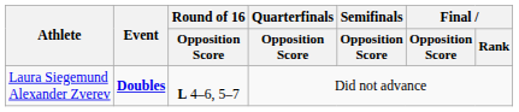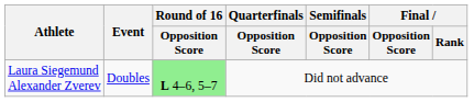 <table class=wikitable style="font-size:90%">
 <tr>
 <th rowspan="2">Athlete</th>
 <th rowspan="2">Event</th>
 <th>Round of 16</th>
 <th>Quarterfinals</th>
 <th>Semifinals</th>
 <th colspan=2>Final / </th>
 </tr>
 <tr style="font-size:95%">
 <th>Opposition<br>Score</th>
 <th>Opposition<br>Score</th>
 <th>Opposition<br>Score</th>
 <th>Opposition<br>Score</th>
 <th>Rank</th>
 </tr>
 <tr align=center>
 <td align=left><a href='#'>Laura Siegemund</a><br><a href='#'>Alexander Zverev</a></td>
-<td align=left><strong><a href='#'>Doubles</a></strong></td>
-<td><br><strong>L</strong> 4–6, 5–7</td>
+<td align=left><a href='#'>Doubles</a></td>
+<td style="background: lightgreen;"><br><strong>L</strong> 4–6, 5–7</td>
 <td colspan=4>Did not advance</td>
 </tr>
 </table>
